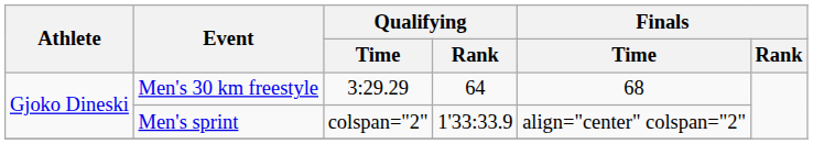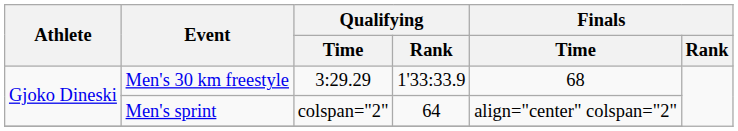 <table class="wikitable" style="font-size:90%">
 <tr>
 <th rowspan="2">Athlete</th>
 <th rowspan="2">Event</th>
 <th colspan="2">Qualifying</th>
 <th colspan="2">Finals</th>
 </tr>
 <tr>
 <th>Time</th>
 <th>Rank</th>
 <th>Time</th>
 <th>Rank</th>
 </tr>
 <tr>
 <td rowspan="2"><a href='#'>Gjoko Dineski</a></td>
 <td><a href='#'>Men's 30 km freestyle</a></td>
 <td align="center">3:29.29</td>
-<td align="center">64</td>
+<td align=center>1'33:33.9</td>
 <td align=center>68</td>
 </tr>
 <tr>
 <td><a href='#'>Men's sprint</a></td>
 <td>colspan="2" </td>
-<td align=center>1'33:33.9</td>
+<td align="center">64</td>
 <td>align="center" colspan="2" </td>
 </tr>
 <tr>
 </tr>
 </table>
